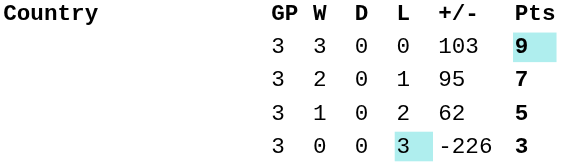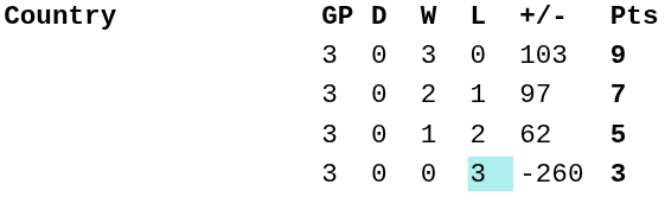 <table>
 <tr ---->
 <td width="150"><strong>Country</strong></td>
 <td width="20"><strong>GP</strong></td>
+<td width="20"><strong>D</strong></td>
 <td width="20"><strong>W</strong></td>
-<td width="20"><strong>D</strong></td>
 <td width="20"><strong>L</strong></td>
 <td width="40"><strong>+/-</strong></td>
 <td width="20"><strong>Pts</strong></td>
 </tr>
 <tr ---->
 <td></td>
 <td>3</td>
+<td>0</td>
 <td>3</td>
 <td>0</td>
-<td>0</td>
 <td>103</td>
-<td style="background: paleturquoise;"><strong>9</strong></td>
+<td><strong>9</strong></td>
 </tr>
 <tr ---->
 <td></td>
 <td>3</td>
+<td>0</td>
 <td>2</td>
-<td>0</td>
 <td>1</td>
-<td>95</td>
+<td>97</td>
 <td><strong>7</strong></td>
 </tr>
 <tr ---->
 <td></td>
 <td>3</td>
+<td>0</td>
 <td>1</td>
-<td>0</td>
 <td>2</td>
 <td>62</td>
 <td><strong>5</strong></td>
 </tr>
 <tr ---->
 <td></td>
 <td>3</td>
 <td>0</td>
 <td>0</td>
 <td style="background: paleturquoise;">3</td>
-<td>-226</td>
+<td>-260</td>
 <td><strong>3</strong></td>
 </tr>
 </table>
